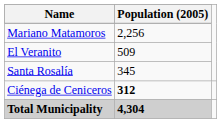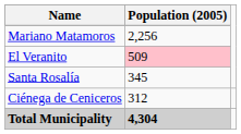 <table class="wikitable">
 <tr style="background:#000000; color:black;">
 <th><strong>Name</strong></th>
 <th><strong>Population (2005)</strong></th>
 </tr>
 <tr>
 <td><a href='#'>Mariano Matamoros</a></td>
 <td>2,256</td>
 </tr>
 <tr>
 <td><a href='#'>El Veranito</a></td>
-<td>509</td>
+<td style="background: pink;">509</td>
 </tr>
 <tr>
 <td><a href='#'>Santa Rosalía</a></td>
 <td>345</td>
 </tr>
 <tr>
 <td><a href='#'>Ciénega de Ceniceros</a></td>
-<td><strong>312</strong></td>
+<td>312</td>
 <td></td>
 </tr>
 <tr style="background:#CFCFCF;">
 <td><strong>Total Municipality</strong></td>
 <td><strong>4,304</strong></td>
 </tr>
 </table>
